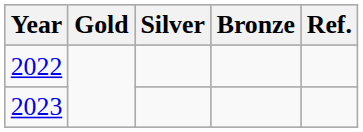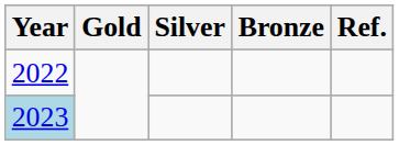 <table class="wikitable">
 <tr>
 <th>Year</th>
 <th>Gold</th>
 <th>Silver</th>
 <th>Bronze</th>
 <th>Ref.</th>
 </tr>
 <tr>
 <td><a href='#'>2022</a></td>
 <td rowspan=2></td>
 <td></td>
 <td></td>
 <td></td>
 </tr>
 <tr>
-<td><a href='#'>2023</a></td>
+<td style="background: lightblue;"><a href='#'>2023</a></td>
 <td></td>
 <td></td>
 <td></td>
 </tr>
 </table>
